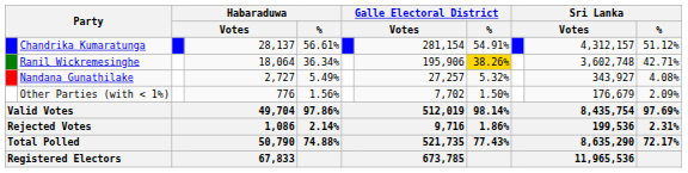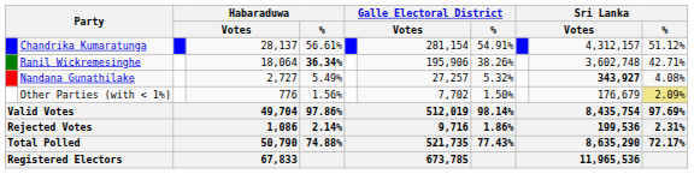 <table class="wikitable">
 <tr>
 <th colspan="2" width="144px"rowspan="2">Party</th>
 <th colspan="3" width="216px">Habaraduwa</th>
 <th colspan="3" width="216px"><a href='#'>Galle Electoral District</a></th>
 <th colspan="3" width="216px">Sri Lanka</th>
 </tr>
 <tr>
 <th colspan="2" width="144px">Votes</th>
 <th>%</th>
 <th colspan="2" width="144px">Votes</th>
 <th>%</th>
 <th colspan="2" width="144px">Votes</th>
 <th>%</th>
 </tr>
 <tr>
 <td style="background-color:blue;" width="10px"></td>
 <td style="text-align:left;"><a href='#'>Chandrika Kumaratunga</a></td>
 <td style="background-color:blue;" width="10px"></td>
 <td style="text-align:right;">28,137</td>
 <td style="text-align:right;">56.61%</td>
 <td style="background-color:blue;" width="10px"></td>
 <td style="text-align:right;">281,154</td>
 <td style="text-align:right;">54.91%</td>
 <td style="background-color:blue;" width="10px"></td>
 <td style="text-align:right;">4,312,157</td>
 <td style="text-align:right;">51.12%</td>
 </tr>
 <tr>
 <td style="background-color:green;" width="10px"></td>
 <td style="text-align:left;"><a href='#'>Ranil Wickremesinghe</a></td>
 <td style="background-color:white;" width="10px"></td>
 <td style="text-align:right;">18,064</td>
-<td style="text-align:right;">36.34%</td>
+<td style="text-align:right;"><strong>36.34%</strong></td>
 <td style="background-color:white;" width="10px"></td>
 <td style="text-align:right;">195,906</td>
-<td style="background: gold; text-align:right;">38.26%</td>
+<td style="text-align:right;">38.26%</td>
 <td style="background-color:white;" width="10px"></td>
 <td style="text-align:right;">3,602,748</td>
 <td style="text-align:right;">42.71%</td>
 </tr>
 <tr>
 <td style="background-color:red;" width="10px"></td>
 <td style="text-align:left;"><a href='#'>Nandana Gunathilake</a></td>
 <td style="background-color:white;" width="10px"></td>
 <td style="text-align:right;">2,727</td>
 <td style="text-align:right;">5.49%</td>
 <td style="background-color:white;" width="10px"></td>
 <td style="text-align:right;">27,257</td>
 <td style="text-align:right;">5.32%</td>
 <td style="background-color:white;" width="10px"></td>
-<td style="text-align:right;">343,927</td>
+<td style="text-align:right;"><strong>343,927</strong></td>
 <td style="text-align:right;">4.08%</td>
 </tr>
 <tr>
 <td style="background-color:white;" width="10px"></td>
 <td style="text-align:left;">Other Parties (with < 1%)</td>
 <td style="background-color:white;" width="10px"></td>
 <td style="text-align:right;">776</td>
 <td style="text-align:right;">1.56%</td>
 <td style="background-color:white;" width="10px"></td>
 <td style="text-align:right;">7,702</td>
 <td style="text-align:right;">1.50%</td>
 <td style="background-color:white;" width="10px"></td>
 <td style="text-align:right;">176,679</td>
-<td style="text-align:right;">2.09%</td>
+<td style="background: khaki; text-align:right;">2.09%</td>
 </tr>
 <tr>
 <th colspan="2" width="144px"style="text-align:left;">Valid Votes</th>
 <th style="text-align:right;"colspan="2" width="144px">49,704</th>
 <th style="text-align:right;">97.86%</th>
 <th style="text-align:right;"colspan="2" width="144px">512,019</th>
 <th style="text-align:right;">98.14%</th>
 <th style="text-align:right;"colspan="2" width="144px">8,435,754</th>
 <th style="text-align:right;">97.69%</th>
 </tr>
 <tr>
 <th colspan="2" width="144px"style="text-align:left;">Rejected Votes</th>
 <th style="text-align:right;"colspan="2" width="144px">1,086</th>
 <th style="text-align:right;">2.14%</th>
 <th style="text-align:right;"colspan="2" width="144px">9,716</th>
 <th style="text-align:right;">1.86%</th>
 <th style="text-align:right;"colspan="2" width="144px">199,536</th>
 <th style="text-align:right;">2.31%</th>
 </tr>
 <tr>
 <th colspan="2" width="144px"style="text-align:left;">Total Polled</th>
 <th style="text-align:right;"colspan="2" width="144px">50,790</th>
 <th style="text-align:right;">74.88%</th>
 <th style="text-align:right;"colspan="2" width="144px">521,735</th>
 <th style="text-align:right;">77.43%</th>
 <th style="text-align:right;"colspan="2" width="144px">8,635,290</th>
 <th style="text-align:right;">72.17%</th>
 </tr>
 <tr>
 <th colspan="2" width="144px"style="text-align:left;">Registered Electors</th>
 <th style="text-align:right;"colspan="2" width="144px">67,833</th>
 <th></th>
 <th style="text-align:right;"colspan="2" width="144px">673,785</th>
 <th></th>
 <th style="text-align:right;"colspan="2" width="144px">11,965,536</th>
 <th></th>
 </tr>
 </table>
